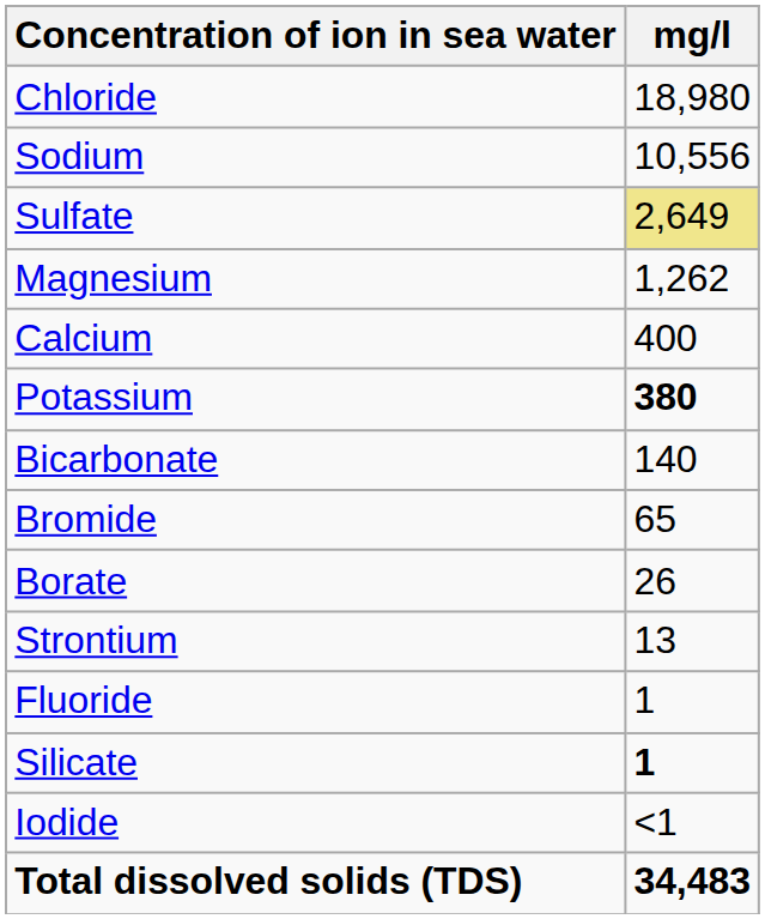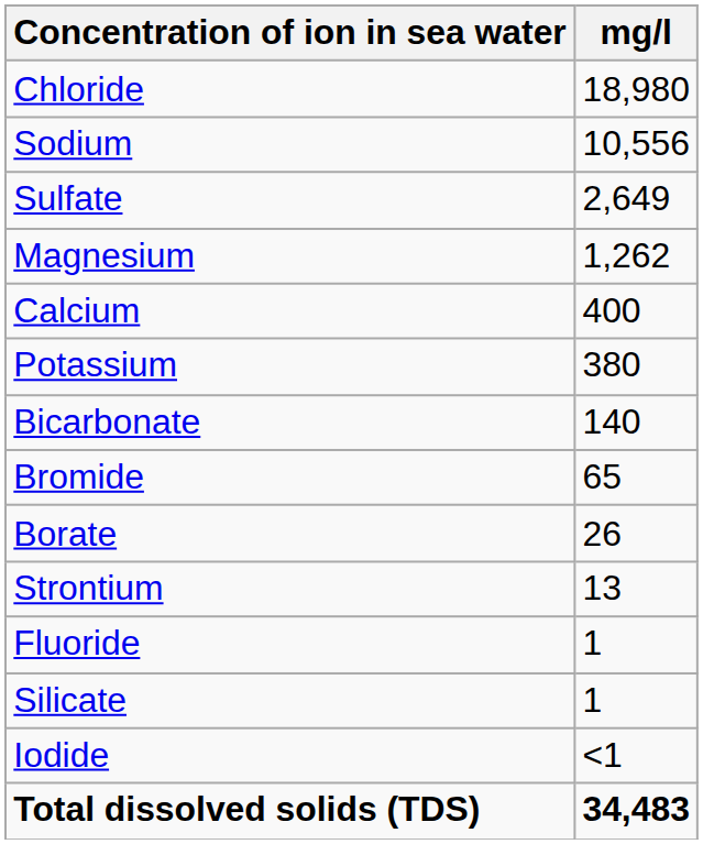 <table class="wikitable">
 <tr>
 <th>Concentration of ion in sea water</th>
 <th>mg/l</th>
 </tr>
 <tr>
 <td><a href='#'>Chloride</a></td>
 <td>18,980</td>
 </tr>
 <tr>
 <td><a href='#'>Sodium</a></td>
 <td>10,556</td>
 </tr>
 <tr>
 <td><a href='#'>Sulfate</a></td>
-<td style="background: khaki;">2,649</td>
+<td>2,649</td>
 </tr>
 <tr>
 <td><a href='#'>Magnesium</a></td>
 <td>1,262</td>
 </tr>
 <tr>
 <td><a href='#'>Calcium</a></td>
 <td>400</td>
 </tr>
 <tr>
 <td><a href='#'>Potassium</a></td>
-<td><strong>380</strong></td>
+<td>380</td>
 </tr>
 <tr>
 <td><a href='#'>Bicarbonate</a></td>
 <td>140</td>
 </tr>
 <tr>
 <td><a href='#'>Bromide</a></td>
 <td>65</td>
 </tr>
 <tr>
 <td><a href='#'>Borate</a></td>
 <td>26</td>
 </tr>
 <tr>
 <td><a href='#'>Strontium</a></td>
 <td>13</td>
 </tr>
 <tr>
 <td><a href='#'>Fluoride</a></td>
 <td>1</td>
 </tr>
 <tr>
 <td><a href='#'>Silicate</a></td>
-<td><strong>1</strong></td>
+<td>1</td>
 </tr>
 <tr>
 <td><a href='#'>Iodide</a></td>
 <td><1</td>
 </tr>
 <tr>
 <td><strong>Total dissolved solids (TDS)</strong></td>
 <td><strong>34,483</strong></td>
 </tr>
 </table>
